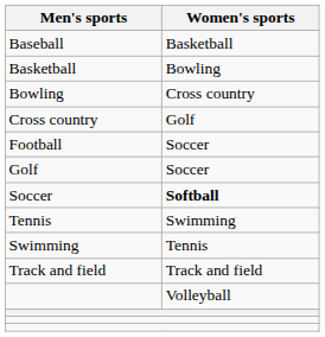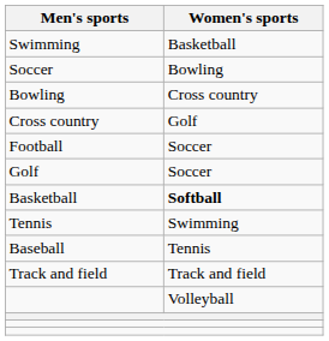 <table class="wikitable"; style= "text-align: ">
 <tr>
 <th width=150px>Men's sports</th>
 <th width=150px>Women's sports</th>
 </tr>
 <tr>
-<td>Baseball</td>
+<td>Swimming</td>
 <td>Basketball</td>
 </tr>
 <tr>
-<td>Basketball</td>
+<td>Soccer</td>
 <td>Bowling</td>
 </tr>
 <tr>
 <td>Bowling</td>
 <td>Cross country</td>
 </tr>
 <tr>
 <td>Cross country</td>
 <td>Golf</td>
 </tr>
 <tr>
 <td>Football</td>
 <td>Soccer</td>
 </tr>
 <tr>
 <td>Golf</td>
 <td>Soccer</td>
 </tr>
 <tr>
-<td>Soccer</td>
+<td>Basketball</td>
 <td><strong>Softball</strong></td>
 </tr>
 <tr>
 <td>Tennis</td>
 <td>Swimming</td>
 </tr>
 <tr>
-<td>Swimming</td>
+<td>Baseball</td>
 <td>Tennis</td>
 </tr>
 <tr>
 <td>Track and field</td>
 <td>Track and field</td>
 </tr>
 <tr>
 <td></td>
 <td>Volleyball</td>
 </tr>
 <tr>
 <th colspan=2></th>
 </tr>
 <tr>
 <td colspan=2></td>
 </tr>
 <tr>
 <td colspan=2></td>
 </tr>
 </table>
